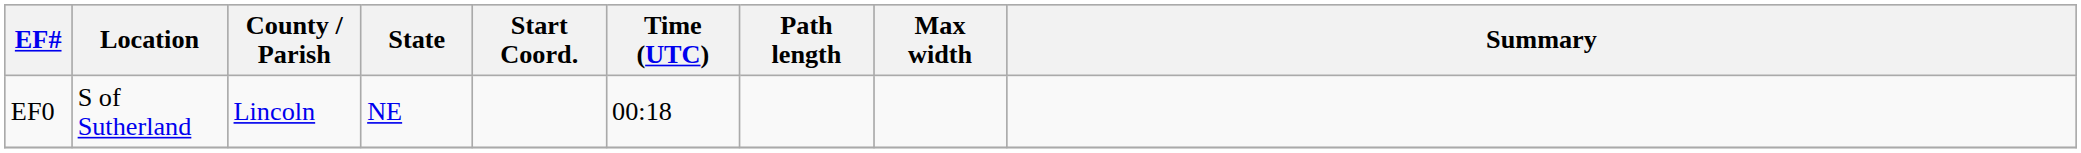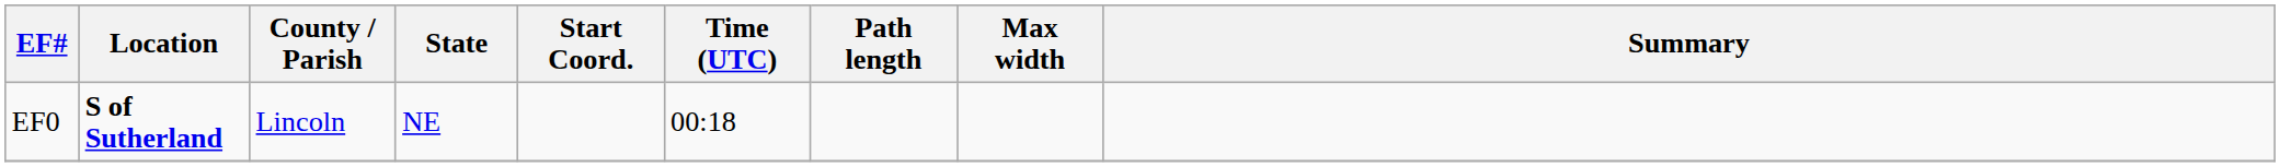 <table class="wikitable sortable" style="width:100%;">
 <tr>
 <th scope="col"  style="width:3%; text-align:center;"><a href='#'>EF#</a></th>
 <th scope="col"  style="width:7%; text-align:center;" class="unsortable">Location</th>
 <th scope="col"  style="width:6%; text-align:center;" class="unsortable">County / Parish</th>
 <th scope="col"  style="width:5%; text-align:center;">State</th>
 <th scope="col"  style="width:6%; text-align:center;">Start Coord.</th>
 <th scope="col"  style="width:6%; text-align:center;">Time (<a href='#'>UTC</a>)</th>
 <th scope="col"  style="width:6%; text-align:center;">Path length</th>
 <th scope="col"  style="width:6%; text-align:center;">Max width</th>
 <th scope="col" class="unsortable" style="width:48%; text-align:center;">Summary</th>
 </tr>
 <tr>
 <td>EF0</td>
-<td>S of <a href='#'>Sutherland</a></td>
+<td><strong>S of <a href='#'>Sutherland</a></strong></td>
 <td><a href='#'>Lincoln</a></td>
 <td><a href='#'>NE</a></td>
 <td></td>
 <td>00:18</td>
 <td></td>
 <td></td>
 <td></td>
 </tr>
 <tr>
 </tr>
 </table>
